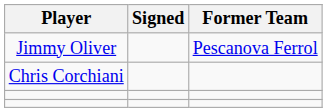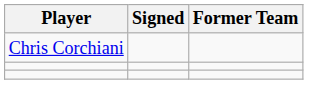 <table class="wikitable sortable sortable" style="text-align: center">
 <tr>
 <th>Player</th>
 <th>Signed</th>
 <th>Former Team</th>
-</tr>
-<tr>
-<td><a href='#'>Jimmy Oliver</a></td>
-<td></td>
-<td><a href='#'>Pescanova Ferrol</a></td>
 </tr>
 <tr>
 <td><a href='#'>Chris Corchiani</a></td>
 <td></td>
 <td></td>
 </tr>
 <tr>
 <td></td>
 <td></td>
 <td></td>
 </tr>
 <tr>
 <td></td>
 <td></td>
 <td></td>
 </tr>
 </table>
